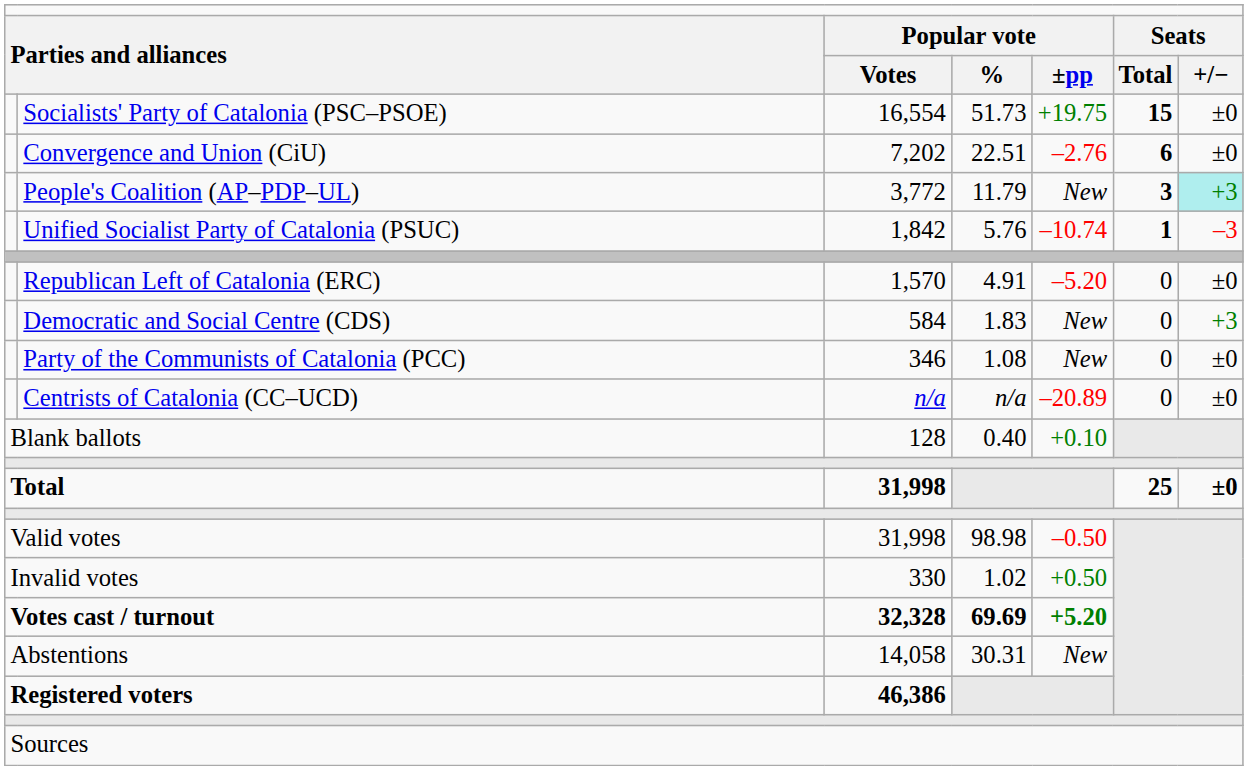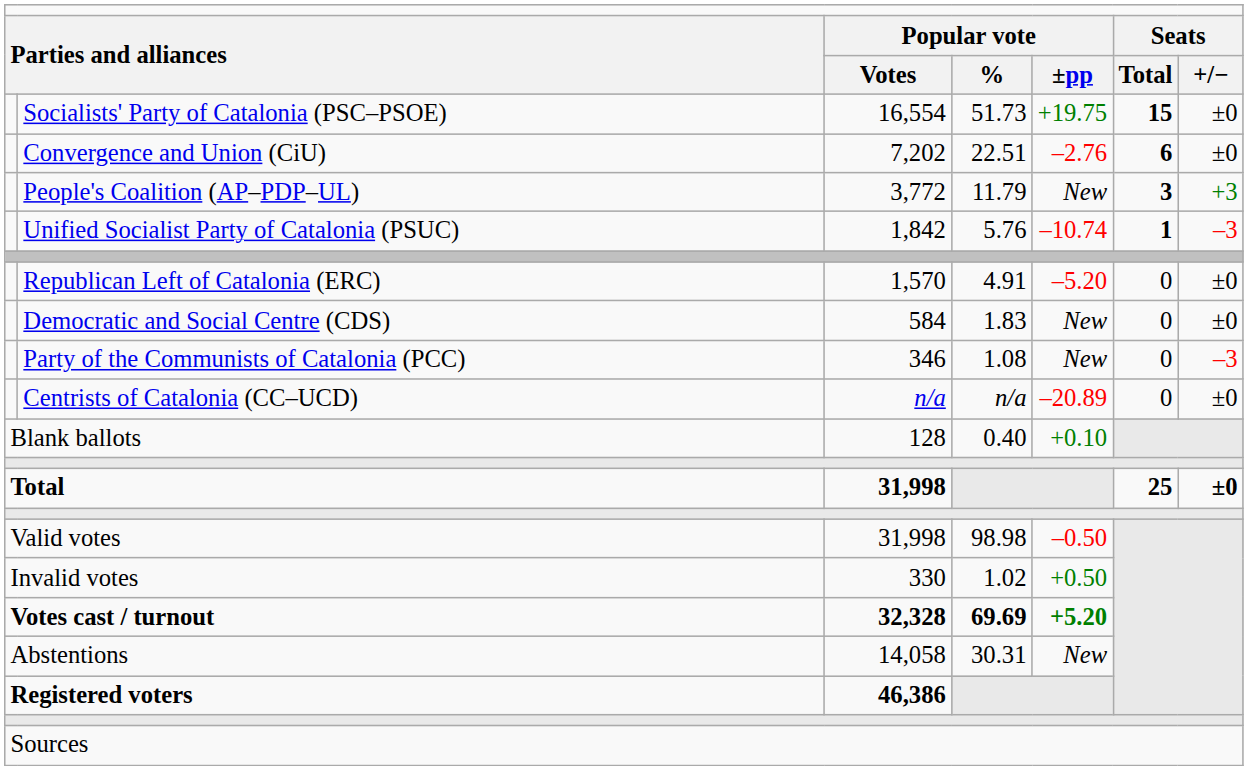 <table class="wikitable" style="text-align:right;">
 <tr>
 <td colspan="7"></td>
 </tr>
 <tr>
 <th style="text-align:left;" rowspan="2" colspan="2" width="525">Parties and alliances</th>
 <th colspan="3">Popular vote</th>
 <th colspan="2">Seats</th>
 </tr>
 <tr>
 <th width="75">Votes</th>
 <th width="45">%</th>
 <th width="45">±<a href='#'>pp</a></th>
 <th width="35">Total</th>
 <th width="35">+/−</th>
 </tr>
 <tr>
 <td width="1" style="color:inherit;background:"></td>
 <td align="left"><a href='#'>Socialists' Party of Catalonia</a> (PSC–PSOE)</td>
 <td>16,554</td>
 <td>51.73</td>
 <td style="color:green;">+19.75</td>
 <td><strong>15</strong></td>
 <td>±0</td>
 </tr>
 <tr>
 <td style="color:inherit;background:"></td>
 <td align="left"><a href='#'>Convergence and Union</a> (CiU)</td>
 <td>7,202</td>
 <td>22.51</td>
 <td style="color:red;">–2.76</td>
 <td><strong>6</strong></td>
 <td>±0</td>
 </tr>
 <tr>
 <td style="color:inherit;background:"></td>
 <td align="left"><a href='#'>People's Coalition</a> (<a href='#'>AP</a>–<a href='#'>PDP</a>–<a href='#'>UL</a>)</td>
 <td>3,772</td>
 <td>11.79</td>
 <td><em>New</em></td>
 <td><strong>3</strong></td>
-<td style="background: paleturquoise; color:green;">+3</td>
+<td style="color:green;">+3</td>
 </tr>
 <tr>
 <td style="color:inherit;background:"></td>
 <td align="left"><a href='#'>Unified Socialist Party of Catalonia</a> (PSUC)</td>
 <td>1,842</td>
 <td>5.76</td>
 <td style="color:red;">–10.74</td>
 <td><strong>1</strong></td>
 <td style="color:red;">–3</td>
 </tr>
 <tr>
 <td colspan="7" style="color:inherit;background:#C0C0C0"></td>
 </tr>
 <tr>
 <td style="color:inherit;background:"></td>
 <td align="left"><a href='#'>Republican Left of Catalonia</a> (ERC)</td>
 <td>1,570</td>
 <td>4.91</td>
 <td style="color:red;">–5.20</td>
 <td>0</td>
 <td>±0</td>
 </tr>
 <tr>
 <td style="color:inherit;background:"></td>
 <td align="left"><a href='#'>Democratic and Social Centre</a> (CDS)</td>
 <td>584</td>
 <td>1.83</td>
 <td><em>New</em></td>
 <td>0</td>
-<td style="color:green;">+3</td>
+<td>±0</td>
 </tr>
 <tr>
 <td style="color:inherit;background:"></td>
 <td align="left"><a href='#'>Party of the Communists of Catalonia</a> (PCC)</td>
 <td>346</td>
 <td>1.08</td>
 <td><em>New</em></td>
 <td>0</td>
-<td>±0</td>
+<td style="color:red;">–3</td>
 </tr>
 <tr>
 <td style="color:inherit;background:"></td>
 <td align="left"><a href='#'>Centrists of Catalonia</a> (CC–UCD)</td>
 <td><em><a href='#'>n/a</a></em></td>
 <td><em>n/a</em></td>
 <td style="color:red;">–20.89</td>
 <td>0</td>
 <td>±0</td>
 </tr>
 <tr>
 <td align="left" colspan="2">Blank ballots</td>
 <td>128</td>
 <td>0.40</td>
 <td style="color:green;">+0.10</td>
 <td style="color:inherit;background:#E9E9E9" colspan="2"></td>
 </tr>
 <tr>
 <td colspan="7" style="color:inherit;background:#E9E9E9"></td>
 </tr>
 <tr style="font-weight:bold;">
 <td align="left" colspan="2">Total</td>
 <td>31,998</td>
 <td bgcolor="#E9E9E9" colspan="2"></td>
 <td>25</td>
 <td>±0</td>
 </tr>
 <tr>
 <td colspan="7" style="color:inherit;background:#E9E9E9"></td>
 </tr>
 <tr>
 <td align="left" colspan="2">Valid votes</td>
 <td>31,998</td>
 <td>98.98</td>
 <td style="color:red;">–0.50</td>
 <td bgcolor="#E9E9E9" colspan="2" rowspan="5"></td>
 </tr>
 <tr>
 <td align="left" colspan="2">Invalid votes</td>
 <td>330</td>
 <td>1.02</td>
 <td style="color:green;">+0.50</td>
 </tr>
 <tr style="font-weight:bold;">
 <td align="left" colspan="2">Votes cast / turnout</td>
 <td>32,328</td>
 <td>69.69</td>
 <td style="color:green;">+5.20</td>
 </tr>
 <tr>
 <td align="left" colspan="2">Abstentions</td>
 <td>14,058</td>
 <td>30.31</td>
 <td><em>New</em></td>
 </tr>
 <tr style="font-weight:bold;">
 <td align="left" colspan="2">Registered voters</td>
 <td>46,386</td>
 <td bgcolor="#E9E9E9" colspan="2"></td>
 </tr>
 <tr>
 <td colspan="7" style="color:inherit;background:#E9E9E9"></td>
 </tr>
 <tr>
 <td align="left" colspan="7">Sources</td>
 </tr>
 </table>
